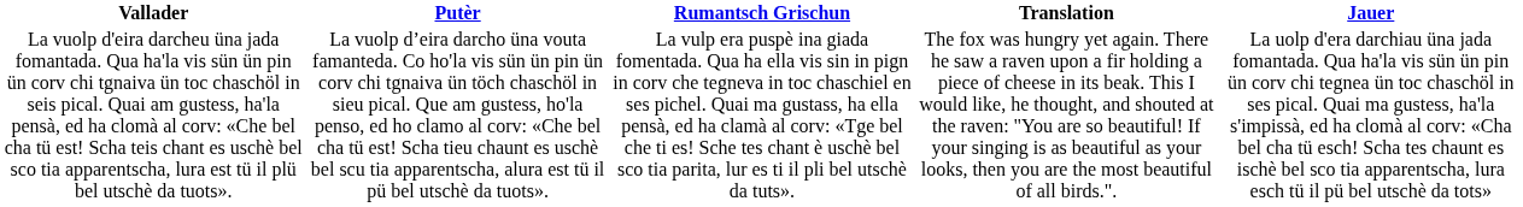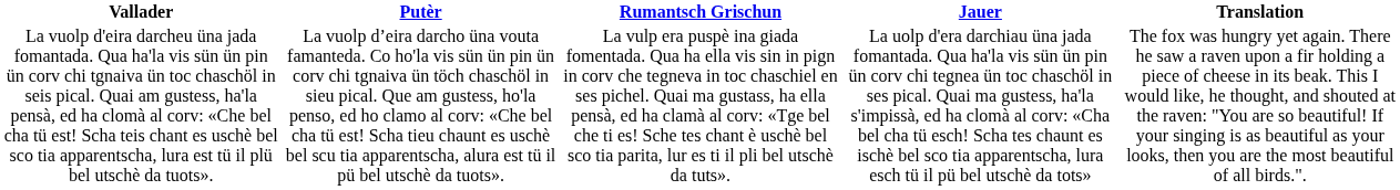 <table border="0" style="width:100%; font-family:serif; font-size:100%; text-align:center;">
 <tr>
 <th style="width:12.5%;">Vallader<br></th>
 <th style="width:12.5%;"><a href='#'>Putèr</a><br></th>
 <th style="width:12.5%;"><a href='#'>Rumantsch Grischun</a><br></th>
+<th style="width:12.5%;"><a href='#'>Jauer</a></th>
 <th style="width:12.5%;">Translation</th>
-<th style="width:12.5%;"><a href='#'>Jauer</a></th>
 </tr>
 <tr>
 <td>La vuolp d'eira darcheu üna jada fomantada. Qua ha'la vis sün ün pin ün corv chi tgnaiva ün toc chaschöl in seis pical. Quai am gustess, ha'la pensà, ed ha clomà al corv: «Che bel cha tü est! Scha teis chant es uschè bel sco tia apparentscha, lura est tü il plü bel utschè da tuots».</td>
 <td>La vuolp d’eira darcho üna vouta famanteda. Co ho'la vis sün ün pin ün corv chi tgnaiva ün töch chaschöl in sieu pical. Que am gustess, ho'la penso, ed ho clamo al corv: «Che bel cha tü est! Scha tieu chaunt es uschè bel scu tia apparentscha, alura est tü il pü bel utschè da tuots».</td>
 <td>La vulp era puspè ina giada fomentada. Qua ha ella vis sin in pign in corv che tegneva in toc chaschiel en ses pichel. Quai ma gustass, ha ella pensà, ed ha clamà al corv: «Tge bel che ti es! Sche tes chant è uschè bel sco tia parita, lur es ti il pli bel utschè da tuts».</td>
+<td>La uolp d'era darchiau üna jada fomantada. Qua ha'la vis sün ün pin ün corv chi tegnea ün toc chaschöl in ses pical. Quai ma gustess, ha'la s'impissà, ed ha clomà al corv: «Cha bel cha tü esch! Scha tes chaunt es ischè bel sco tia apparentscha, lura esch tü il pü bel utschè da tots»</td>
 <td>The fox was hungry yet again. There he saw a raven upon a fir holding a piece of cheese in its beak. This I would like, he thought, and shouted at the raven: "You are so beautiful! If your singing is as beautiful as your looks, then you are the most beautiful of all birds.".</td>
-<td>La uolp d'era darchiau üna jada fomantada. Qua ha'la vis sün ün pin ün corv chi tegnea ün toc chaschöl in ses pical. Quai ma gustess, ha'la s'impissà, ed ha clomà al corv: «Cha bel cha tü esch! Scha tes chaunt es ischè bel sco tia apparentscha, lura esch tü il pü bel utschè da tots»</td>
 </tr>
 </table>
